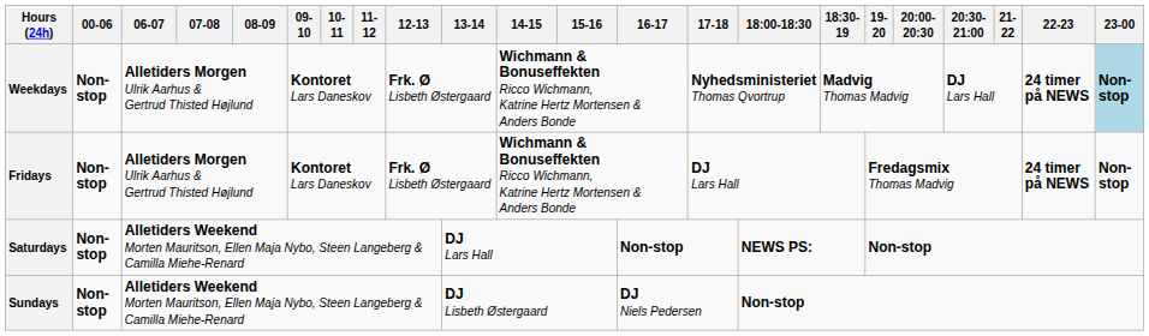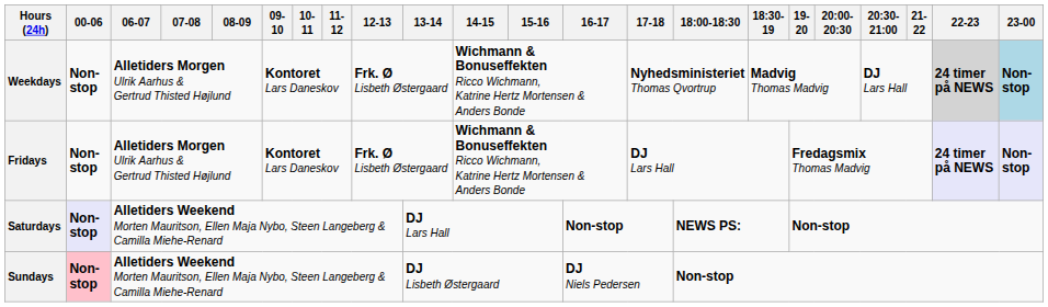 <table class="wikitable" width="100%">
 <tr>
 <th><small>Hours (<a href='#'>24h</a>)</small></th>
 <th><small>00-06</small></th>
 <th><small>06-07</small></th>
 <th><small>07-08</small></th>
 <th><small>08-09</small></th>
 <th><small>09-10</small></th>
 <th><small>10-11</small></th>
 <th><small>11-12</small></th>
 <th><small>12-13</small></th>
 <th><small>13-14</small></th>
 <th><small>14-15</small></th>
 <th><small>15-16</small></th>
 <th><small>16-17</small></th>
 <th><small>17-18</small></th>
 <th><small>18:00-18:30</small></th>
 <th><small>18:30-19</small></th>
 <th><small>19-20</small></th>
 <th><small>20:00-20:30</small></th>
 <th><small>20:30-21:00</small></th>
 <th><small>21-22</small></th>
 <th><small>22-23</small></th>
 <th><small>23-00</small></th>
 </tr>
 <tr>
 <td bgcolor="#f2f2f2"><small><strong>Weekdays</strong></small></td>
 <td><strong>Non-stop</strong></td>
 <td colspan="3"><strong>Alletiders Morgen</strong><br><small><em>Ulrik Aarhus & Gertrud Thisted Højlund</em></small></td>
 <td colspan="3"><strong>Kontoret</strong><br><small><em>Lars Daneskov</em></small></td>
 <td colspan="2"><strong>Frk. Ø</strong><br><small><em>Lisbeth Østergaard</em></small></td>
 <td colspan="3"><strong>Wichmann & Bonuseffekten</strong><br><small><em>Ricco Wichmann, Katrine Hertz Mortensen & Anders Bonde</em></small></td>
 <td colspan="2"><strong>Nyhedsministeriet</strong><br><small><em>Thomas Qvortrup</em></small></td>
 <td colspan="3"><strong>Madvig</strong><br><small><em>Thomas Madvig</em></small></td>
 <td colspan="2"><strong>DJ</strong><br><small><em>Lars Hall</em></small></td>
-<td><strong>24 timer på NEWS</strong></td>
+<td style="background: lightgrey;"><strong>24 timer på NEWS</strong></td>
 <td style="background: lightblue;"><strong>Non-stop</strong></td>
 </tr>
 <tr>
 <td bgcolor="#f2f2f2"><small><strong>Fridays</strong></small></td>
 <td><strong>Non-stop</strong></td>
 <td colspan="3"><strong>Alletiders Morgen</strong><br><small><em>Ulrik Aarhus & Gertrud Thisted Højlund</em></small></td>
 <td colspan="3"><strong>Kontoret</strong><br><small><em>Lars Daneskov</em></small></td>
 <td colspan="2"><strong>Frk. Ø</strong><br><small><em>Lisbeth Østergaard</em></small></td>
 <td colspan="3"><strong>Wichmann & Bonuseffekten</strong><br><small><em>Ricco Wichmann, Katrine Hertz Mortensen & Anders Bonde</em></small></td>
 <td colspan="3"><strong>DJ</strong><br><small><em>Lars Hall</em></small></td>
 <td colspan="4"><strong>Fredagsmix</strong><br><small><em>Thomas Madvig</em></small></td>
-<td><strong>24 timer på NEWS</strong></td>
-<td><strong>Non-stop</strong></td>
+<td style="background: lavender;"><strong>24 timer på NEWS</strong></td>
+<td style="background: lavender;"><strong>Non-stop</strong></td>
 </tr>
 <tr>
 <td bgcolor="#f2f2f2"><small><strong>Saturdays</strong></small></td>
-<td><strong>Non-stop</strong></td>
+<td style="background: lavender;"><strong>Non-stop</strong></td>
 <td colspan="7"><strong>Alletiders Weekend</strong><br><small><em>Morten Mauritson, Ellen Maja Nybo, Steen Langeberg & Camilla Miehe-Renard</em></small></td>
 <td colspan="3"><strong>DJ</strong><br><small><em>Lars Hall</em></small></td>
 <td colspan="2"><strong>Non-stop</strong></td>
 <td colspan="2"><strong>NEWS PS:</strong></td>
 <td colspan="6"><strong>Non-stop</strong></td>
 </tr>
 <tr>
 <td bgcolor="#f2f2f2"><small><strong>Sundays</strong></small></td>
-<td><strong>Non-stop</strong></td>
+<td style="background: pink;"><strong>Non-stop</strong></td>
 <td colspan="7"><strong>Alletiders Weekend</strong><br><small><em>Morten Mauritson, Ellen Maja Nybo, Steen Langeberg & Camilla Miehe-Renard</em></small></td>
 <td colspan="3"><strong>DJ</strong><br><small><em>Lisbeth Østergaard</em></small></td>
 <td colspan="2"><strong>DJ</strong><br><small><em>Niels Pedersen</em></small></td>
 <td colspan="8"><strong>Non-stop</strong></td>
 </tr>
 </table>
